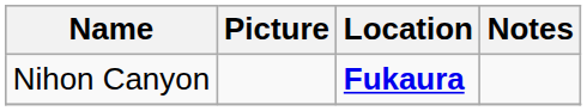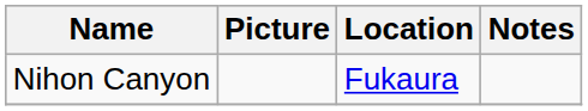 <table class="wikitable">
 <tr>
 <th>Name</th>
 <th>Picture</th>
 <th>Location</th>
 <th>Notes</th>
 </tr>
 <tr>
 <td>Nihon Canyon</td>
 <td></td>
-<td><strong><a href='#'>Fukaura</a></strong></td>
+<td><a href='#'>Fukaura</a></td>
 <td></td>
 </tr>
 <tr>
 </tr>
 <tr>
 </tr>
 </table>
